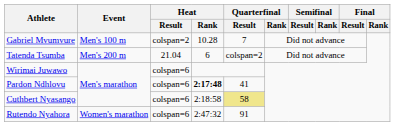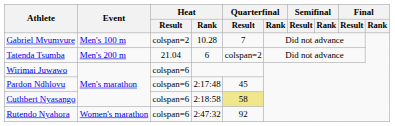 <table class="wikitable" style="font-size:90%">
 <tr>
 <th rowspan="2">Athlete</th>
 <th rowspan="2">Event</th>
 <th colspan="2">Heat</th>
 <th colspan="2">Quarterfinal</th>
 <th colspan="2">Semifinal</th>
 <th colspan="2">Final</th>
 </tr>
 <tr style="font-size:95%">
 <th>Result</th>
 <th>Rank</th>
 <th>Result</th>
 <th>Rank</th>
 <th>Result</th>
 <th>Rank</th>
 <th>Result</th>
 <th>Rank</th>
 </tr>
 <tr align=center>
 <td align=left><a href='#'>Gabriel Mvumvure</a></td>
 <td align=left><a href='#'>Men's 100 m</a></td>
 <td>colspan=2 </td>
 <td>10.28</td>
 <td>7</td>
 <td colspan=4>Did not advance</td>
 </tr>
 <tr align=center>
 <td align=left><a href='#'>Tatenda Tsumba</a></td>
 <td align=left><a href='#'>Men's 200 m</a></td>
 <td>21.04</td>
 <td>6</td>
 <td>colspan=2 </td>
 <td colspan=4>Did not advance</td>
 </tr>
 <tr align=center>
 <td align=left><a href='#'>Wirimai Juwawo</a></td>
 <td align=left rowspan=3><a href='#'>Men's marathon</a></td>
 <td>colspan=6 </td>
 <td colspan=2></td>
 </tr>
 <tr align=center>
 <td align=left><a href='#'>Pardon Ndhlovu</a></td>
 <td>colspan=6 </td>
-<td><strong>2:17:48</strong></td>
-<td>41</td>
+<td>2:17:48</td>
+<td>45</td>
 </tr>
 <tr align=center>
 <td align=left><a href='#'>Cuthbert Nyasango</a></td>
 <td>colspan=6 </td>
 <td>2:18:58</td>
 <td style="background: khaki;">58</td>
 </tr>
 <tr align=center>
 <td align=left><a href='#'>Rutendo Nyahora</a></td>
 <td align=left><a href='#'>Women's marathon</a></td>
 <td>colspan=6 </td>
 <td>2:47:32</td>
-<td>91</td>
+<td>92</td>
 </tr>
 </table>
